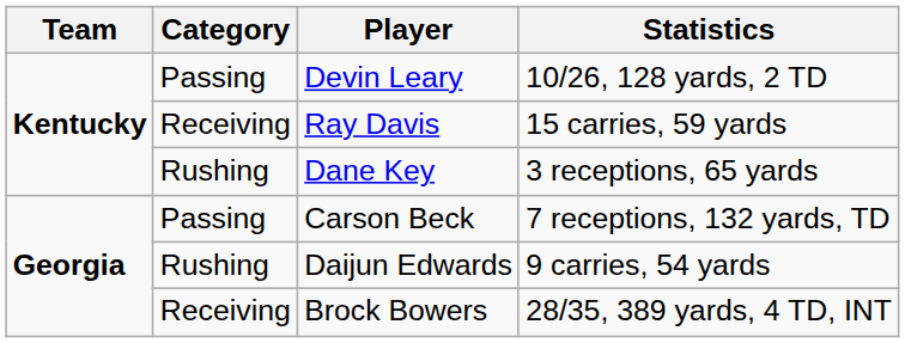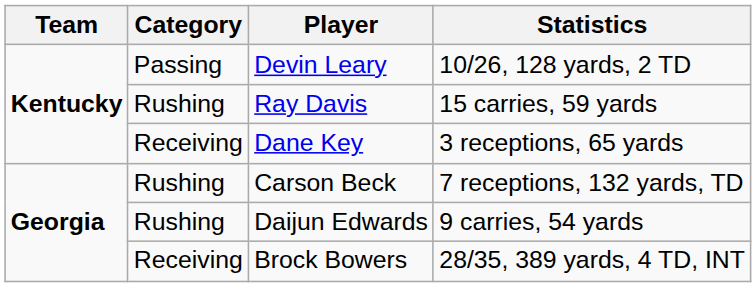 <table class="wikitable" style="float: right;">
 <tr>
 <th>Team</th>
 <th>Category</th>
 <th>Player</th>
 <th>Statistics</th>
 </tr>
 <tr>
 <td rowspan=3><strong>Kentucky</strong></td>
 <td>Passing</td>
 <td><a href='#'>Devin Leary</a></td>
 <td>10/26, 128 yards, 2 TD</td>
 </tr>
 <tr>
-<td>Receiving</td>
+<td>Rushing</td>
 <td><a href='#'>Ray Davis</a></td>
 <td>15 carries, 59 yards</td>
 </tr>
 <tr>
-<td>Rushing</td>
+<td>Receiving</td>
 <td><a href='#'>Dane Key</a></td>
 <td>3 receptions, 65 yards</td>
 </tr>
 <tr>
 <td rowspan=3><strong>Georgia</strong></td>
-<td>Passing</td>
+<td>Rushing</td>
 <td>Carson Beck</td>
 <td>7 receptions, 132 yards, TD</td>
 </tr>
 <tr>
 <td>Rushing</td>
 <td>Daijun Edwards</td>
 <td>9 carries, 54 yards</td>
 </tr>
 <tr>
 <td>Receiving</td>
 <td>Brock Bowers</td>
 <td>28/35, 389 yards, 4 TD, INT</td>
 </tr>
 </table>
